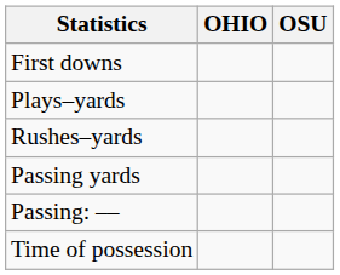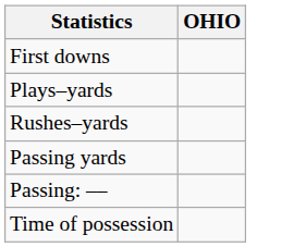 <table class="wikitable" style="float:left">
 <tr>
 <th>Statistics</th>
 <th>OHIO</th>
-<th>OSU</th>
 </tr>
 <tr>
 <td>First downs</td>
-<td></td>
 <td></td>
 </tr>
 <tr>
 <td>Plays–yards</td>
 <td></td>
-<td></td>
 </tr>
 <tr>
 <td>Rushes–yards</td>
-<td></td>
 <td></td>
 </tr>
 <tr>
 <td>Passing yards</td>
 <td></td>
-<td></td>
 </tr>
 <tr>
 <td>Passing: ––</td>
-<td></td>
 <td></td>
 </tr>
 <tr>
 <td>Time of possession</td>
 <td></td>
-<td></td>
 </tr>
 </table>
